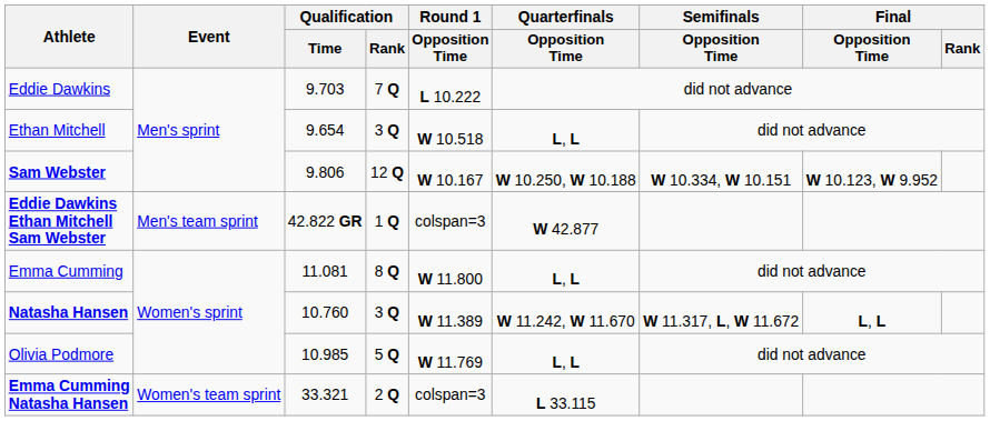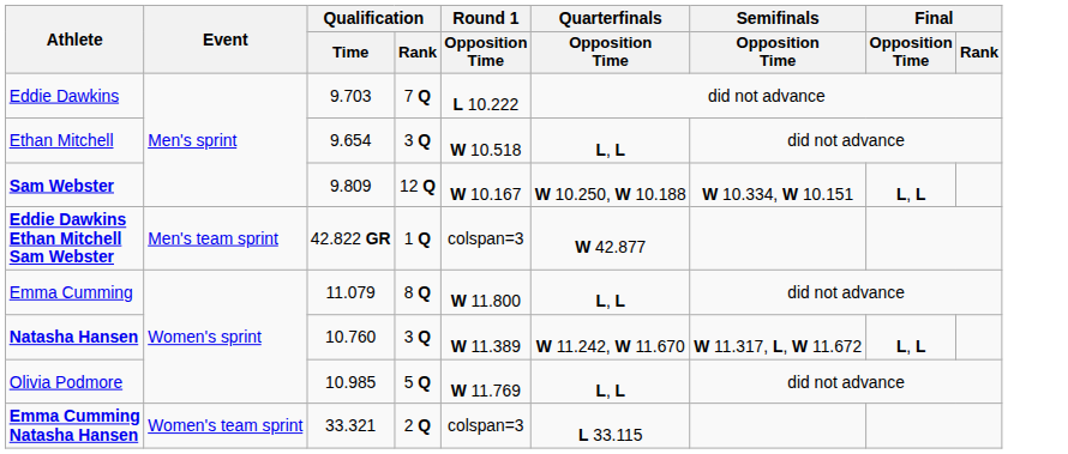 <table class="wikitable" style="font-size:90%;text-align:center;">
 <tr>
 <th rowspan=2>Athlete</th>
 <th rowspan=2>Event</th>
 <th colspan=2>Qualification</th>
 <th>Round 1</th>
 <th>Quarterfinals</th>
 <th>Semifinals</th>
 <th colspan=2>Final</th>
 </tr>
 <tr style="font-size:95%">
 <th>Time</th>
 <th>Rank</th>
 <th>Opposition<br>Time</th>
 <th>Opposition<br>Time</th>
 <th>Opposition<br>Time</th>
 <th>Opposition<br>Time</th>
 <th>Rank</th>
 </tr>
 <tr>
 <td style="text-align:left;"><a href='#'>Eddie Dawkins</a></td>
 <td style="text-align:left;" rowspan=3><a href='#'>Men's sprint</a></td>
 <td>9.703</td>
 <td>7 <strong>Q</strong></td>
 <td><br><strong>L</strong> 10.222</td>
 <td colspan=4>did not advance</td>
 </tr>
 <tr>
 <td style="text-align:left;"><a href='#'>Ethan Mitchell</a></td>
 <td>9.654</td>
 <td>3 <strong>Q</strong></td>
 <td><br><strong>W</strong> 10.518</td>
 <td><br><strong>L</strong>, <strong>L</strong></td>
 <td colspan=3>did not advance</td>
 </tr>
 <tr>
 <td style="text-align:left;"><strong><a href='#'>Sam Webster</a></strong></td>
-<td>9.806</td>
+<td>9.809</td>
 <td>12 <strong>Q</strong></td>
 <td><br><strong>W</strong> 10.167</td>
 <td><br><strong>W</strong> 10.250, <strong>W</strong> 10.188</td>
 <td><br><strong>W</strong> 10.334, <strong>W</strong> 10.151</td>
-<td><br><strong>W</strong> 10.123, <strong>W</strong> 9.952</td>
+<td><br><strong>L</strong>, <strong>L</strong></td>
 <td></td>
 </tr>
 <tr>
 <td style="text-align:left;"><strong><a href='#'>Eddie Dawkins</a></strong><br><strong><a href='#'>Ethan Mitchell</a></strong><br><strong><a href='#'>Sam Webster</a></strong></td>
 <td style="text-align:left;"><a href='#'>Men's team sprint</a></td>
 <td>42.822 <strong>GR</strong></td>
 <td>1 <strong>Q</strong></td>
 <td>colspan=3 </td>
 <td><br><strong>W</strong> 42.877</td>
 <td></td>
 </tr>
 <tr align=center>
 <td style="text-align:left;"><a href='#'>Emma Cumming</a></td>
 <td style="text-align:left;" rowspan=3><a href='#'>Women's sprint</a></td>
-<td>11.081</td>
+<td>11.079</td>
 <td>8 <strong>Q</strong></td>
 <td><br><strong>W</strong> 11.800</td>
 <td><br><strong>L</strong>, <strong>L</strong></td>
 <td colspan=3>did not advance</td>
 </tr>
 <tr>
 <td style="text-align:left;"><strong><a href='#'>Natasha Hansen</a></strong></td>
 <td>10.760</td>
 <td>3 <strong>Q</strong></td>
 <td><br><strong>W</strong> 11.389</td>
 <td><br><strong>W</strong> 11.242, <strong>W</strong> 11.670</td>
 <td><br><strong>W</strong> 11.317, <strong>L</strong>, <strong>W</strong> 11.672</td>
 <td><br><strong>L</strong>, <strong>L</strong></td>
 <td></td>
 </tr>
 <tr>
 <td style="text-align:left;"><a href='#'>Olivia Podmore</a></td>
 <td>10.985</td>
 <td>5 <strong>Q</strong></td>
 <td><br><strong>W</strong> 11.769</td>
 <td><br><strong>L</strong>, <strong>L</strong></td>
 <td colspan=3>did not advance</td>
 </tr>
 <tr>
 <td style="text-align:left;"><strong><a href='#'>Emma Cumming</a></strong><br><strong><a href='#'>Natasha Hansen</a></strong></td>
 <td style="text-align:left;"><a href='#'>Women's team sprint</a></td>
 <td>33.321</td>
 <td>2 <strong>Q</strong></td>
 <td>colspan=3 </td>
 <td><br><strong>L</strong> 33.115</td>
 <td></td>
 </tr>
 </table>
